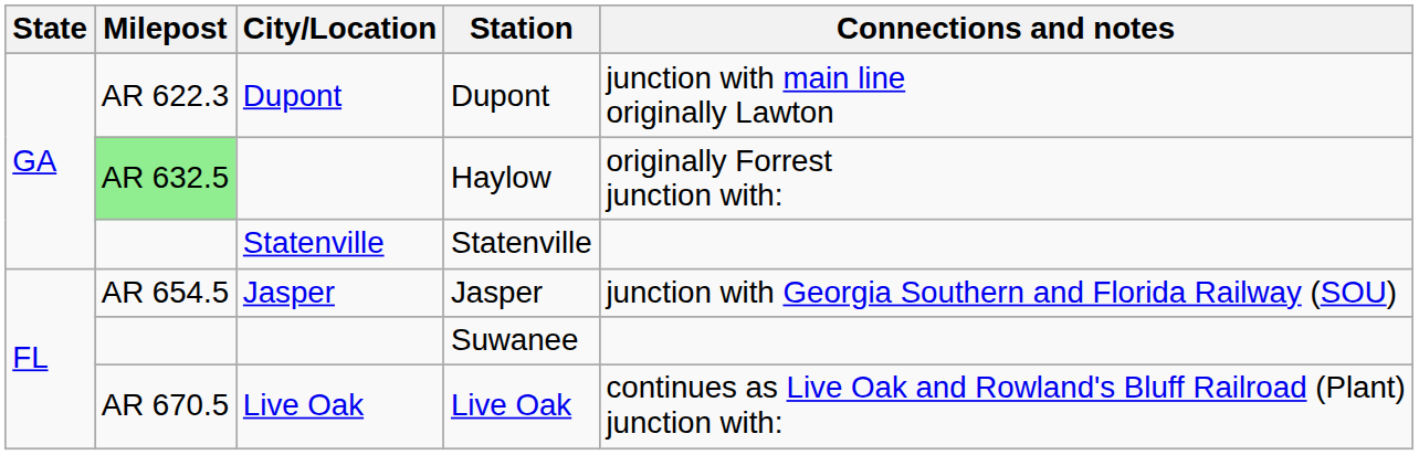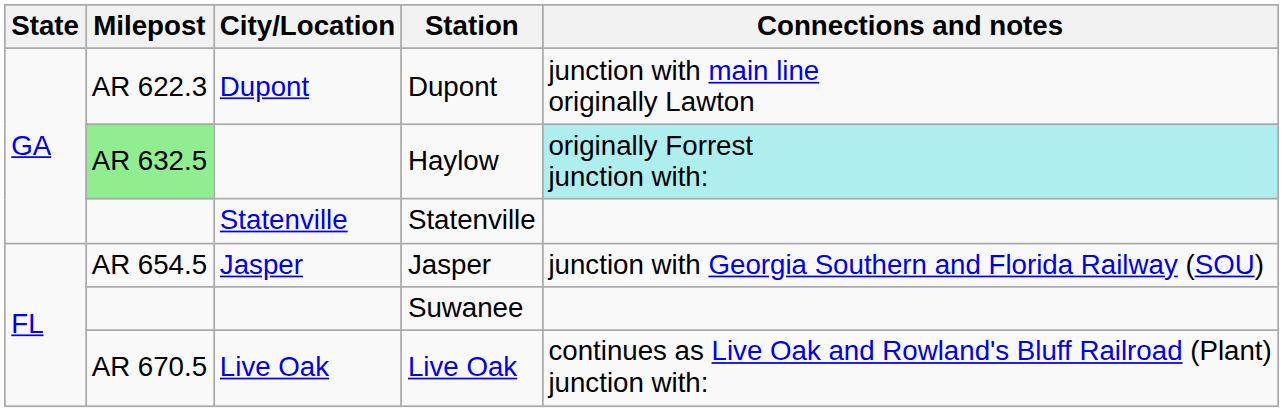 <table class="wikitable">
 <tr>
 <th>State</th>
 <th>Milepost</th>
 <th>City/Location</th>
 <th>Station</th>
 <th>Connections and notes</th>
 </tr>
 <tr>
 <td ! rowspan="3"><a href='#'>GA</a></td>
 <td>AR 622.3</td>
 <td><a href='#'>Dupont</a></td>
 <td>Dupont</td>
 <td>junction with <a href='#'>main line</a><br>originally Lawton</td>
 </tr>
 <tr>
 <td style="background: lightgreen;">AR 632.5</td>
 <td></td>
 <td>Haylow</td>
-<td>originally Forrest<br>junction with:<br></td>
+<td style="background: paleturquoise;">originally Forrest<br>junction with:<br></td>
 </tr>
 <tr>
 <td></td>
 <td><a href='#'>Statenville</a></td>
 <td>Statenville</td>
 <td></td>
 </tr>
 <tr>
 <td ! rowspan="3"><a href='#'>FL</a></td>
 <td>AR 654.5</td>
 <td><a href='#'>Jasper</a></td>
 <td>Jasper</td>
 <td>junction with <a href='#'>Georgia Southern and Florida Railway</a> (<a href='#'>SOU</a>)</td>
 </tr>
 <tr>
 <td></td>
 <td></td>
 <td>Suwanee</td>
 <td></td>
 </tr>
 <tr>
 <td>AR 670.5</td>
 <td><a href='#'>Live Oak</a></td>
 <td><a href='#'>Live Oak</a></td>
 <td>continues as <a href='#'>Live Oak and Rowland's Bluff Railroad</a> (Plant)<br>junction with:<br></td>
 </tr>
 </table>
